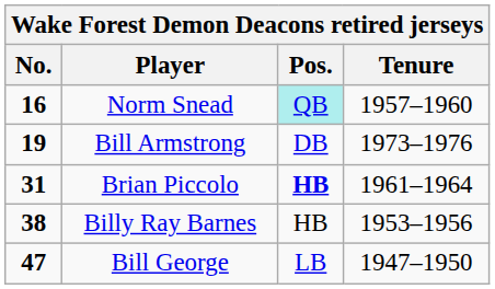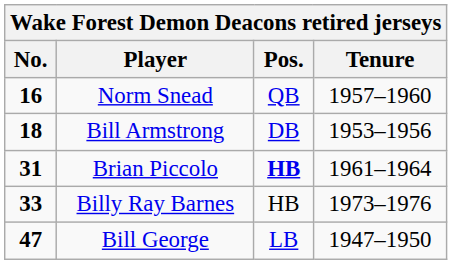 <table class="wikitable" style="text-align:center">
 <tr>
 <th colspan=6 style =><strong>Wake Forest Demon Deacons retired jerseys</strong></th>
 </tr>
 <tr>
 <th style = >No.</th>
 <th style = >Player</th>
 <th style = >Pos.</th>
 <th style = >Tenure<br> </th>
 </tr>
 <tr>
 <td><strong>16</strong></td>
 <td><a href='#'>Norm Snead</a></td>
-<td style="background: paleturquoise;"><a href='#'>QB</a></td>
+<td><a href='#'>QB</a></td>
 <td>1957–1960</td>
 </tr>
 <tr>
-<td><strong>19</strong></td>
+<td><strong>18</strong></td>
 <td><a href='#'>Bill Armstrong</a></td>
 <td><a href='#'>DB</a></td>
-<td>1973–1976</td>
+<td>1953–1956</td>
 </tr>
 <tr>
 <td><strong>31</strong></td>
 <td><a href='#'>Brian Piccolo</a></td>
 <td><strong><a href='#'>HB</a></strong></td>
 <td>1961–1964</td>
 </tr>
 <tr>
-<td><strong>38</strong></td>
+<td><strong>33</strong></td>
 <td><a href='#'>Billy Ray Barnes</a></td>
 <td>HB</td>
-<td>1953–1956</td>
+<td>1973–1976</td>
 </tr>
 <tr>
 <td><strong>47</strong></td>
 <td><a href='#'>Bill George</a></td>
 <td><a href='#'>LB</a></td>
 <td>1947–1950</td>
 </tr>
 </table>
